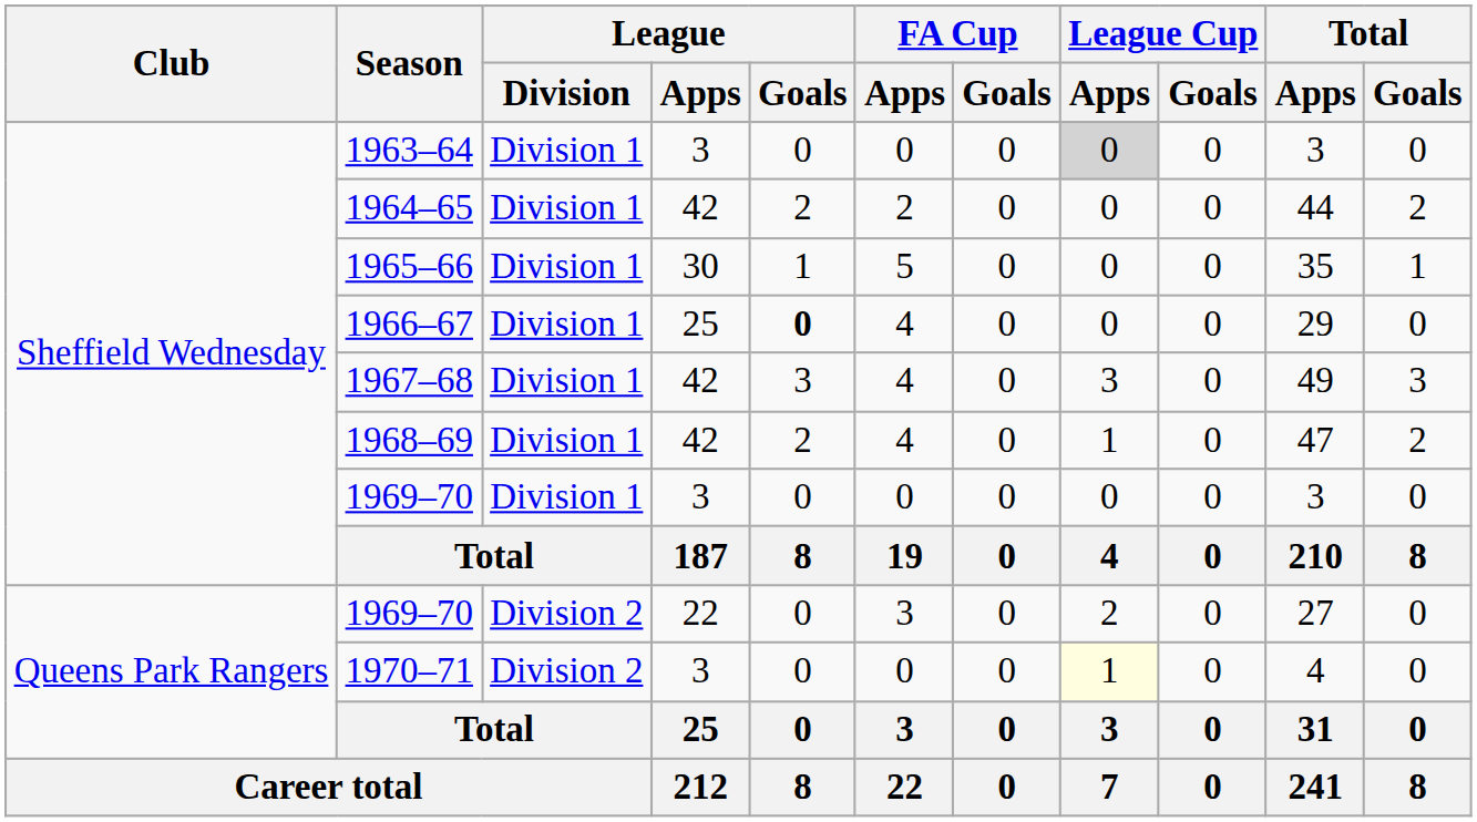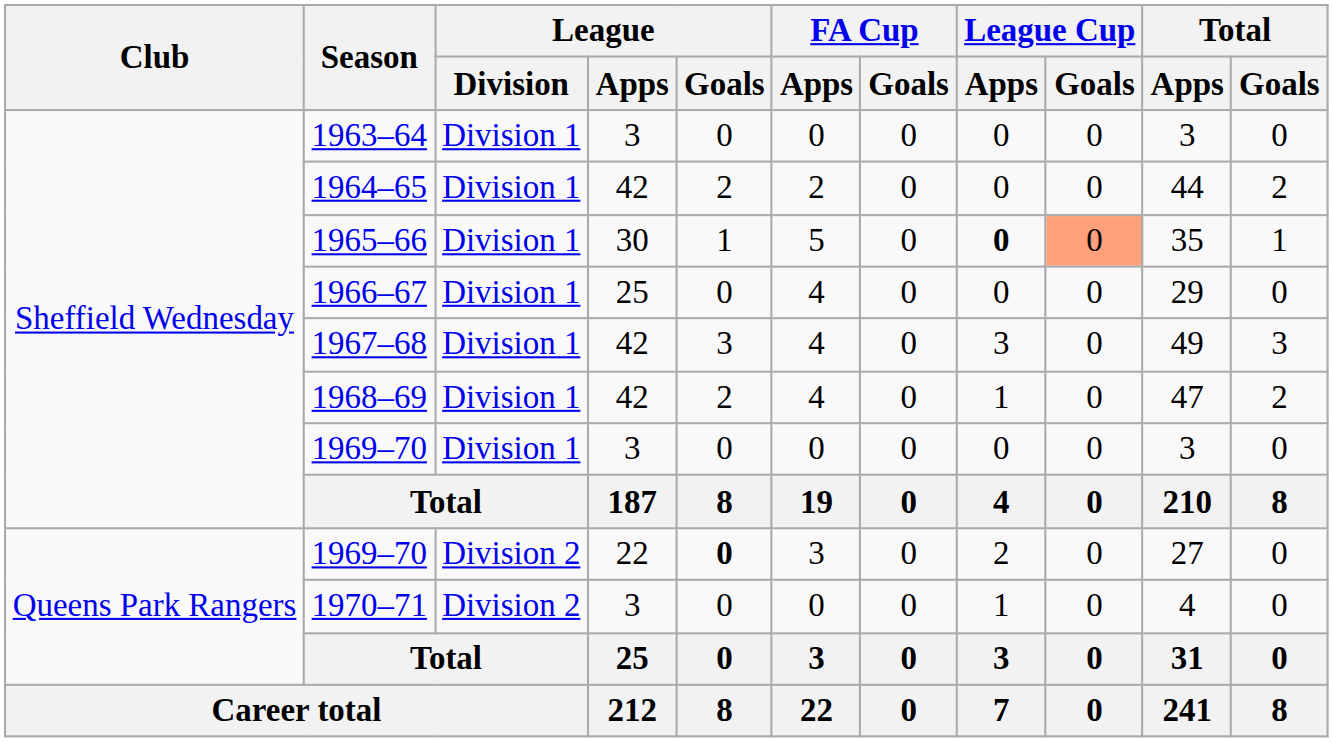 <table class="wikitable" style="text-align:center">
 <tr>
 <th rowspan="2">Club</th>
 <th rowspan="2">Season</th>
 <th colspan="3">League</th>
 <th colspan="2"><a href='#'>FA Cup</a></th>
 <th colspan="2"><a href='#'>League Cup</a></th>
 <th colspan="2">Total</th>
 </tr>
 <tr>
 <th>Division</th>
 <th>Apps</th>
 <th>Goals</th>
 <th>Apps</th>
 <th>Goals</th>
 <th>Apps</th>
 <th>Goals</th>
 <th>Apps</th>
 <th>Goals</th>
 </tr>
 <tr>
 <td rowspan="8"><a href='#'>Sheffield Wednesday</a></td>
 <td><a href='#'>1963–64</a></td>
 <td><a href='#'>Division 1</a></td>
 <td>3</td>
 <td>0</td>
 <td>0</td>
 <td>0</td>
-<td style="background: lightgrey;">0</td>
+<td>0</td>
 <td>0</td>
 <td>3</td>
 <td>0</td>
 </tr>
 <tr>
 <td><a href='#'>1964–65</a></td>
 <td><a href='#'>Division 1</a></td>
 <td>42</td>
 <td>2</td>
 <td>2</td>
 <td>0</td>
 <td>0</td>
 <td>0</td>
 <td>44</td>
 <td>2</td>
 </tr>
 <tr>
 <td><a href='#'>1965–66</a></td>
 <td><a href='#'>Division 1</a></td>
 <td>30</td>
 <td>1</td>
 <td>5</td>
 <td>0</td>
-<td>0</td>
-<td>0</td>
+<td><strong>0</strong></td>
+<td style="background: lightsalmon;">0</td>
 <td>35</td>
 <td>1</td>
 </tr>
 <tr>
 <td><a href='#'>1966–67</a></td>
 <td><a href='#'>Division 1</a></td>
 <td>25</td>
-<td><strong>0</strong></td>
+<td>0</td>
 <td>4</td>
 <td>0</td>
 <td>0</td>
 <td>0</td>
 <td>29</td>
 <td>0</td>
 </tr>
 <tr>
 <td><a href='#'>1967–68</a></td>
 <td><a href='#'>Division 1</a></td>
 <td>42</td>
 <td>3</td>
 <td>4</td>
 <td>0</td>
 <td>3</td>
 <td>0</td>
 <td>49</td>
 <td>3</td>
 </tr>
 <tr>
 <td><a href='#'>1968–69</a></td>
 <td><a href='#'>Division 1</a></td>
 <td>42</td>
 <td>2</td>
 <td>4</td>
 <td>0</td>
 <td>1</td>
 <td>0</td>
 <td>47</td>
 <td>2</td>
 </tr>
 <tr>
 <td><a href='#'>1969–70</a></td>
 <td><a href='#'>Division 1</a></td>
 <td>3</td>
 <td>0</td>
 <td>0</td>
 <td>0</td>
 <td>0</td>
 <td>0</td>
 <td>3</td>
 <td>0</td>
 </tr>
 <tr>
 <th colspan="2">Total</th>
 <th>187</th>
 <th>8</th>
 <th>19</th>
 <th>0</th>
 <th>4</th>
 <th>0</th>
 <th>210</th>
 <th>8</th>
 </tr>
 <tr>
 <td rowspan="3"><a href='#'>Queens Park Rangers</a></td>
 <td><a href='#'>1969–70</a></td>
 <td><a href='#'>Division 2</a></td>
 <td>22</td>
-<td>0</td>
+<td><strong>0</strong></td>
 <td>3</td>
 <td>0</td>
 <td>2</td>
 <td>0</td>
 <td>27</td>
 <td>0</td>
 </tr>
 <tr>
 <td><a href='#'>1970–71</a></td>
 <td><a href='#'>Division 2</a></td>
 <td>3</td>
 <td>0</td>
 <td>0</td>
 <td>0</td>
-<td style="background: lightyellow;">1</td>
+<td>1</td>
 <td>0</td>
 <td>4</td>
 <td>0</td>
 </tr>
 <tr>
 <th colspan="2">Total</th>
 <th>25</th>
 <th>0</th>
 <th>3</th>
 <th>0</th>
 <th>3</th>
 <th>0</th>
 <th>31</th>
 <th>0</th>
 </tr>
 <tr>
 <th colspan="3">Career total</th>
 <th>212</th>
 <th>8</th>
 <th>22</th>
 <th>0</th>
 <th>7</th>
 <th>0</th>
 <th>241</th>
 <th>8</th>
 </tr>
 </table>
